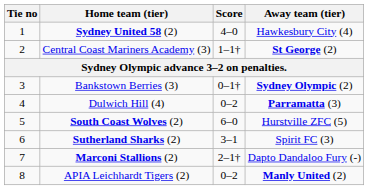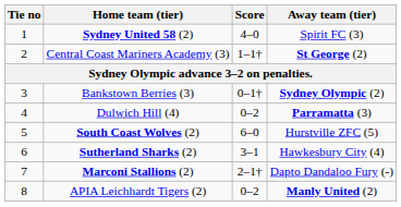 <table class="wikitable" style="text-align:center">
 <tr>
 <th>Tie no</th>
 <th>Home team (tier)</th>
 <th>Score</th>
 <th>Away team (tier)</th>
 </tr>
 <tr>
 <td>1</td>
 <td><strong><a href='#'>Sydney United 58</a></strong> (2)</td>
 <td>4–0</td>
-<td><a href='#'>Hawkesbury City</a> (4)</td>
+<td><a href='#'>Spirit FC</a> (3)</td>
 </tr>
 <tr>
 <td>2</td>
 <td><a href='#'>Central Coast Mariners Academy</a> (3)</td>
 <td>1–1†</td>
 <td><strong><a href='#'>St George</a></strong> (2)</td>
 </tr>
 <tr>
 <th colspan=6>Sydney Olympic advance 3–2 on penalties.</th>
 </tr>
 <tr>
 <td>3</td>
 <td><a href='#'>Bankstown Berries</a> (3)</td>
 <td>0–1†</td>
 <td><strong><a href='#'>Sydney Olympic</a></strong> (2)</td>
 </tr>
 <tr>
 <td>4</td>
 <td><a href='#'>Dulwich Hill</a> (4)</td>
 <td>0–2</td>
 <td><strong><a href='#'>Parramatta</a></strong> (3)</td>
 </tr>
 <tr>
 <td>5</td>
 <td><strong><a href='#'>South Coast Wolves</a></strong> (2)</td>
 <td>6–0</td>
 <td><a href='#'>Hurstville ZFC</a> (5)</td>
 </tr>
 <tr>
 <td>6</td>
 <td><strong><a href='#'>Sutherland Sharks</a></strong> (2)</td>
 <td>3–1</td>
-<td><a href='#'>Spirit FC</a> (3)</td>
+<td><a href='#'>Hawkesbury City</a> (4)</td>
 </tr>
 <tr>
 <td>7</td>
 <td><strong><a href='#'>Marconi Stallions</a></strong> (2)</td>
 <td>2–1†</td>
 <td><a href='#'>Dapto Dandaloo Fury</a> (-)</td>
 </tr>
 <tr>
 <td>8</td>
 <td><a href='#'>APIA Leichhardt Tigers</a> (2)</td>
 <td>0–2</td>
 <td><strong><a href='#'>Manly United</a></strong> (2)</td>
 </tr>
 </table>
